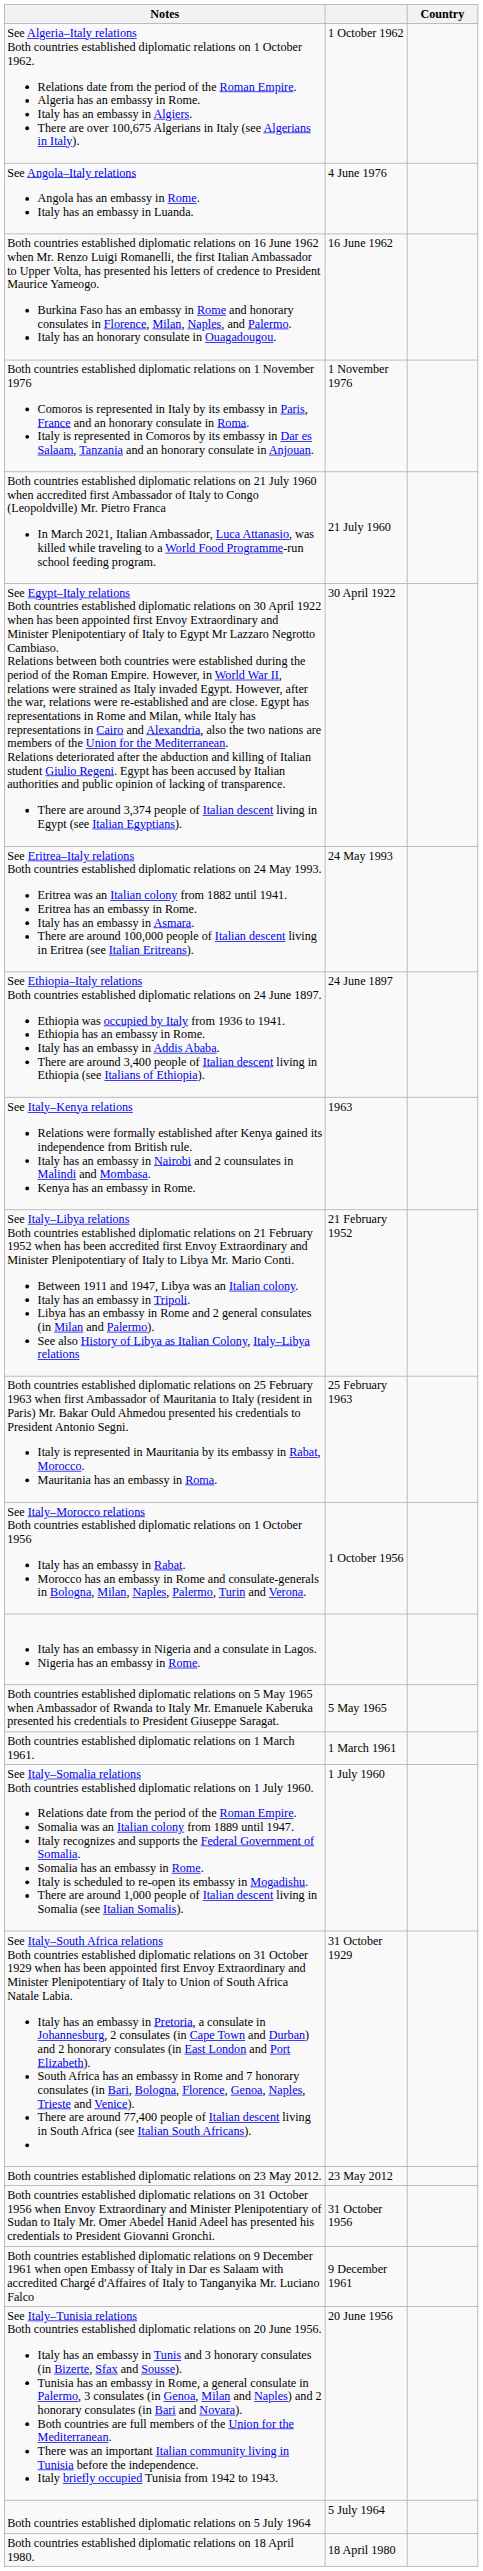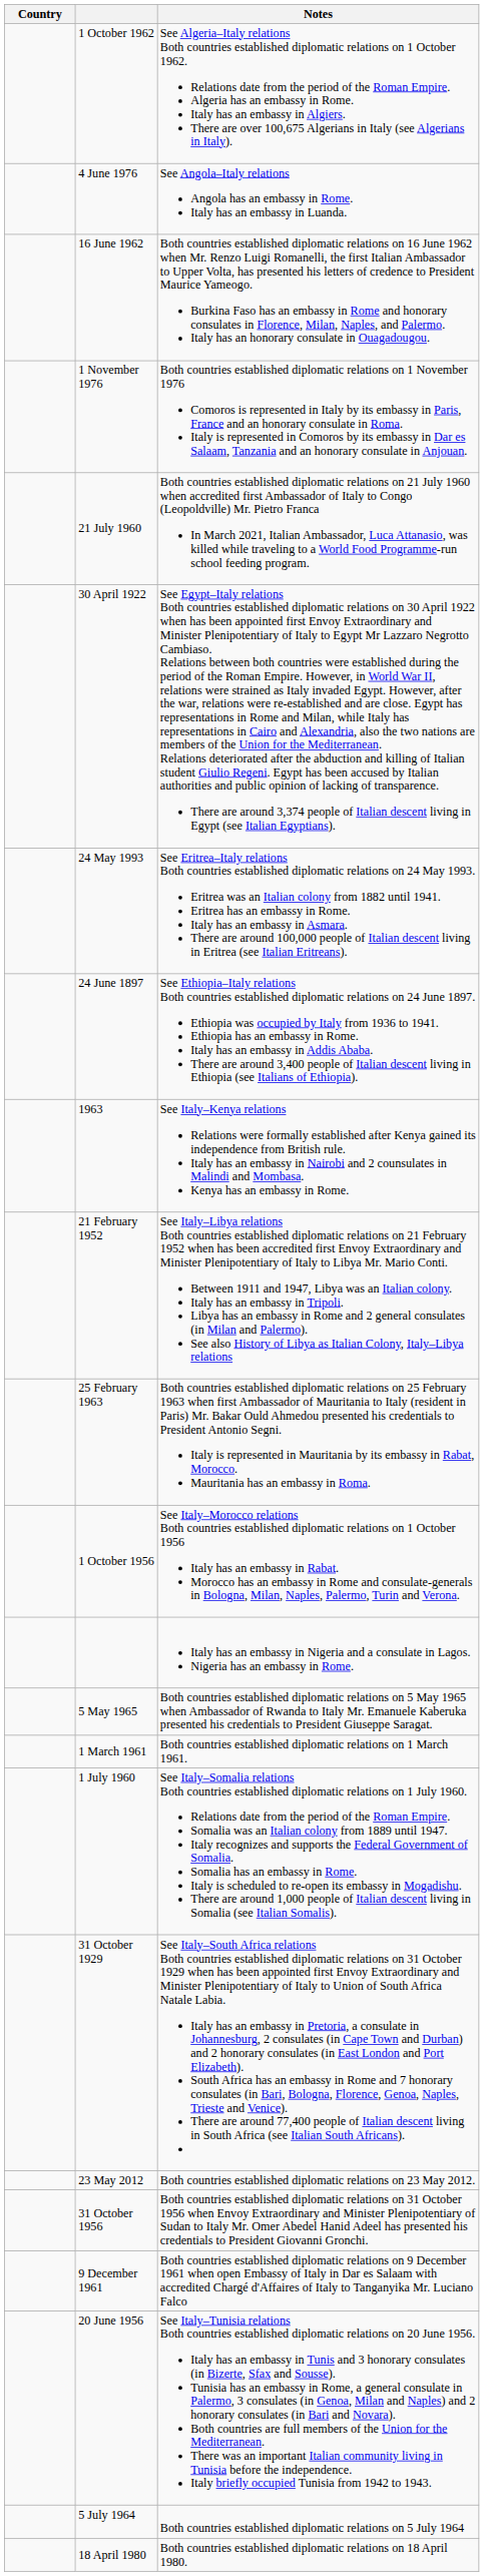 <table class="wikitable sortable" style="width:100%; margin:auto;">
 <tr>
+<th style="width:15%;">Country</th>
+<th style="width:100px;"></th>
 <th>Notes</th>
-<th style="width:100px;"></th>
-<th style="width:15%;">Country</th>
 </tr>
 <tr valign="top">
+<td></td>
+<td>1 October 1962</td>
 <td>See <a href='#'>Algeria–Italy relations</a><br>Both countries established diplomatic relations on 1 October 1962.<ul><li>Relations date from the period of the <a href='#'>Roman Empire</a>.</li><li>Algeria has an embassy in Rome.</li><li>Italy has an embassy in <a href='#'>Algiers</a>.</li><li>There are over 100,675 Algerians in Italy (see <a href='#'>Algerians in Italy</a>).</li></ul></td>
-<td>1 October 1962</td>
-<td></td>
 </tr>
 <tr valign="top">
+<td></td>
+<td>4 June 1976</td>
 <td>See <a href='#'>Angola–Italy relations</a><br><ul><li>Angola has an embassy in <a href='#'>Rome</a>.</li><li>Italy has an embassy in Luanda.</li></ul></td>
-<td>4 June 1976</td>
-<td></td>
 </tr>
 <tr valign="top">
+<td></td>
+<td>16 June 1962</td>
 <td>Both countries established diplomatic relations on 16 June 1962 when Mr. Renzo Luigi Romanelli, the first Italian Ambassador to Upper Volta, has presented his letters of credence to President Maurice Yameogo.<br><ul><li>Burkina Faso has an embassy in <a href='#'>Rome</a> and honorary consulates in <a href='#'>Florence</a>, <a href='#'>Milan</a>, <a href='#'>Naples</a>, and <a href='#'>Palermo</a>.</li><li>Italy has an honorary consulate in <a href='#'>Ouagadougou</a>.</li></ul></td>
-<td>16 June 1962</td>
-<td></td>
 </tr>
 <tr valign="top">
+<td></td>
+<td>1 November 1976</td>
 <td>Both countries established diplomatic relations on 1 November 1976<br><ul><li>Comoros  is represented in Italy by its embassy in <a href='#'>Paris</a>, <a href='#'>France</a> and an honorary consulate in <a href='#'>Roma</a>.</li><li>Italy is represented in Comoros by its embassy in <a href='#'>Dar es Salaam</a>, <a href='#'>Tanzania</a> and an honorary consulate in <a href='#'>Anjouan</a>.</li></ul></td>
-<td>1 November 1976</td>
-<td></td>
 </tr>
 <tr>
+<td></td>
+<td>21 July 1960</td>
 <td>Both countries established diplomatic relations on 21 July 1960 when accredited first Ambassador of Italy to Congo (Leopoldville) Mr. Pietro Franca<br><ul><li>In March 2021, Italian Ambassador, <a href='#'>Luca Attanasio</a>, was killed while traveling to a <a href='#'>World Food Programme</a>-run school feeding program.</li></ul></td>
-<td>21 July 1960</td>
-<td></td>
 </tr>
 <tr valign="top">
+<td></td>
+<td>30 April 1922</td>
 <td>See <a href='#'>Egypt–Italy relations</a><br>Both countries established diplomatic relations on 30 April 1922 when has been appointed first Envoy Extraordinary and Minister Plenipotentiary of Italy to Egypt Mr Lazzaro Negrotto Cambiaso.<br>Relations between both countries were established during the period of the Roman Empire. However, in <a href='#'>World War II</a>, relations were strained as Italy invaded Egypt. However, after the war, relations were re-established and are close. Egypt has representations in Rome and Milan, while Italy has representations in <a href='#'>Cairo</a> and <a href='#'>Alexandria</a>, also the two nations are members of the <a href='#'>Union for the Mediterranean</a>.<br>Relations deteriorated after the abduction and killing of Italian student <a href='#'>Giulio Regeni</a>. Egypt has been accused by Italian authorities and public opinion of lacking of transparence.<ul><li>There are around 3,374 people of <a href='#'>Italian descent</a> living in Egypt (see <a href='#'>Italian Egyptians</a>).</li></ul></td>
-<td>30 April 1922</td>
-<td></td>
 </tr>
 <tr valign="top">
+<td></td>
+<td>24 May 1993</td>
 <td>See <a href='#'>Eritrea–Italy relations</a><br>Both countries established diplomatic relations on 24 May 1993.<ul><li>Eritrea was an <a href='#'>Italian colony</a> from 1882 until 1941.</li><li>Eritrea has an embassy in Rome.</li><li>Italy has an embassy in <a href='#'>Asmara</a>.</li><li>There are around 100,000 people of <a href='#'>Italian descent</a> living in Eritrea (see <a href='#'>Italian Eritreans</a>).</li></ul></td>
-<td>24 May 1993</td>
-<td></td>
 </tr>
 <tr valign="top">
+<td></td>
+<td>24 June 1897</td>
 <td>See <a href='#'>Ethiopia–Italy relations</a><br>Both countries established diplomatic relations on 24 June 1897.<ul><li>Ethiopia was <a href='#'>occupied by Italy</a> from 1936 to 1941.</li><li>Ethiopia has an embassy in Rome.</li><li>Italy has an embassy in <a href='#'>Addis Ababa</a>.</li><li>There are around 3,400 people of <a href='#'>Italian descent</a> living in Ethiopia (see <a href='#'>Italians of Ethiopia</a>).</li></ul></td>
-<td>24 June 1897</td>
-<td></td>
 </tr>
 <tr valign="top">
+<td></td>
+<td>1963</td>
 <td>See <a href='#'>Italy–Kenya relations</a><br><ul><li>Relations were formally established after Kenya gained its independence from British rule.</li><li>Italy has an embassy in <a href='#'>Nairobi</a> and 2 counsulates in <a href='#'>Malindi</a> and <a href='#'>Mombasa</a>.</li><li>Kenya has an embassy in Rome.</li></ul></td>
-<td>1963</td>
-<td></td>
 </tr>
 <tr valign="top">
+<td></td>
+<td>21 February 1952</td>
 <td>See <a href='#'>Italy–Libya relations</a><br>Both countries established diplomatic relations on 21 February 1952 when has been accredited first Envoy Extraordinary and Minister Plenipotentiary of Italy to Libya Mr. Mario Conti.<ul><li>Between 1911 and 1947, Libya was an <a href='#'>Italian colony</a>.</li><li>Italy has an embassy in <a href='#'>Tripoli</a>.</li><li>Libya has an embassy in Rome and 2 general consulates (in <a href='#'>Milan</a> and <a href='#'>Palermo</a>).</li><li>See also <a href='#'>History of Libya as Italian Colony</a>, <a href='#'>Italy–Libya relations</a></li></ul></td>
-<td>21 February 1952</td>
-<td></td>
 </tr>
 <tr valign="top">
+<td></td>
+<td>25 February 1963</td>
 <td>Both countries established diplomatic relations on 25 February 1963 when first Ambassador of Mauritania to Italy (resident in Paris) Mr. Bakar Ould Ahmedou presented his credentials to President Antonio Segni.<br><ul><li>Italy is represented in Mauritania by its embassy in <a href='#'>Rabat</a>, <a href='#'>Morocco</a>.</li><li>Mauritania has an embassy in <a href='#'>Roma</a>.</li></ul></td>
-<td>25 February 1963</td>
-<td></td>
 </tr>
 <tr>
+<td></td>
+<td>1 October 1956</td>
 <td>See <a href='#'>Italy–Morocco relations</a><br>Both countries established diplomatic relations on 1 October 1956<ul><li>Italy has an embassy in <a href='#'>Rabat</a>.</li><li>Morocco has an embassy in Rome and consulate-generals in <a href='#'>Bologna</a>, <a href='#'>Milan</a>, <a href='#'>Naples</a>, <a href='#'>Palermo</a>, <a href='#'>Turin</a> and <a href='#'>Verona</a>.</li></ul></td>
-<td>1 October 1956</td>
-<td></td>
 </tr>
 <tr valign="top">
-<td><br><ul><li>Italy has an embassy in Nigeria and a consulate in Lagos.</li><li>Nigeria has an embassy in <a href='#'>Rome</a>.</li></ul></td>
 <td></td>
 <td></td>
+<td><br><ul><li>Italy has an embassy in Nigeria and a consulate in Lagos.</li><li>Nigeria has an embassy in <a href='#'>Rome</a>.</li></ul></td>
 </tr>
 <tr>
+<td></td>
+<td>5 May 1965</td>
 <td>Both countries established diplomatic relations on 5 May 1965 when Ambassador of Rwanda to Italy Mr. Emanuele Kaberuka presented his credentials to President Giuseppe Saragat.</td>
-<td>5 May 1965</td>
-<td></td>
 </tr>
 <tr>
+<td></td>
+<td>1 March 1961</td>
 <td>Both countries established diplomatic relations on 1 March 1961.</td>
-<td>1 March 1961</td>
-<td></td>
 </tr>
 <tr valign="top">
+<td></td>
+<td>1 July 1960</td>
 <td>See <a href='#'>Italy–Somalia relations</a><br>Both countries established diplomatic relations on 1 July 1960.<ul><li>Relations date from the period of the <a href='#'>Roman Empire</a>.</li><li>Somalia was an <a href='#'>Italian colony</a> from 1889 until 1947.</li><li>Italy recognizes and supports the <a href='#'>Federal Government of Somalia</a>.</li><li>Somalia has an embassy in <a href='#'>Rome</a>.</li><li>Italy is scheduled to re-open its embassy in <a href='#'>Mogadishu</a>.</li><li>There are around 1,000 people of <a href='#'>Italian descent</a> living in Somalia (see <a href='#'>Italian Somalis</a>).</li></ul></td>
-<td>1 July 1960</td>
-<td></td>
 </tr>
 <tr valign="top">
+<td></td>
+<td>31 October 1929</td>
 <td>See <a href='#'>Italy–South Africa relations</a><br>Both countries established diplomatic relations on 31 October 1929 when has been appointed first Envoy Extraordinary and Minister Plenipotentiary of Italy to Union of South Africa Natale Labia.<ul><li>Italy has an embassy in <a href='#'>Pretoria</a>, a consulate in <a href='#'>Johannesburg</a>, 2 consulates (in <a href='#'>Cape Town</a> and <a href='#'>Durban</a>) and 2 honorary consulates (in <a href='#'>East London</a> and <a href='#'>Port Elizabeth</a>).</li><li>South Africa has an embassy in Rome and 7 honorary consulates (in <a href='#'>Bari</a>, <a href='#'>Bologna</a>, <a href='#'>Florence</a>, <a href='#'>Genoa</a>, <a href='#'>Naples</a>, <a href='#'>Trieste</a> and <a href='#'>Venice</a>).</li><li>There are around 77,400 people of <a href='#'>Italian descent</a> living in South Africa (see <a href='#'>Italian South Africans</a>).</li><li></li></ul></td>
-<td>31 October 1929</td>
-<td></td>
 </tr>
 <tr>
+<td></td>
+<td>23 May 2012</td>
 <td>Both countries established diplomatic relations on 23 May 2012.</td>
-<td>23 May 2012</td>
-<td></td>
 </tr>
 <tr>
+<td></td>
+<td>31 October 1956</td>
 <td>Both countries established diplomatic relations on 31 October 1956 when Envoy Extraordinary and Minister Plenipotentiary of Sudan to Italy Mr. Omer Abedel Hanid Adeel has presented his credentials to President Giovanni Gronchi.</td>
-<td>31 October 1956</td>
-<td></td>
 </tr>
 <tr>
+<td></td>
+<td>9 December 1961</td>
 <td>Both countries established diplomatic relations on 9 December 1961 when open Embassy of Italy in Dar es Salaam with accredited Chargé d'Affaires of Italy to Tanganyika Mr. Luciano Falco</td>
-<td>9 December 1961</td>
-<td></td>
 </tr>
 <tr valign="top">
+<td></td>
+<td>20 June 1956</td>
 <td>See <a href='#'>Italy–Tunisia relations</a><br>Both countries established diplomatic relations on 20 June 1956.<ul><li>Italy has an embassy in <a href='#'>Tunis</a> and 3 honorary consulates (in <a href='#'>Bizerte</a>, <a href='#'>Sfax</a> and <a href='#'>Sousse</a>).</li><li>Tunisia has an embassy in Rome, a general consulate in <a href='#'>Palermo</a>, 3 consulates (in <a href='#'>Genoa</a>, <a href='#'>Milan</a> and <a href='#'>Naples</a>) and 2 honorary consulates (in <a href='#'>Bari</a> and <a href='#'>Novara</a>).</li><li>Both countries are full members of the <a href='#'>Union for the Mediterranean</a>.</li><li>There was an important <a href='#'>Italian community living in Tunisia</a> before the independence.</li><li>Italy <a href='#'>briefly occupied</a> Tunisia from 1942 to 1943.</li></ul></td>
-<td>20 June 1956</td>
-<td></td>
 </tr>
 <tr valign="top">
+<td></td>
+<td>5 July 1964</td>
 <td><br>Both countries established diplomatic relations on 5 July 1964</td>
-<td>5 July 1964</td>
-<td></td>
 </tr>
 <tr>
+<td></td>
+<td>18 April 1980</td>
 <td>Both countries established diplomatic relations on 18 April 1980.</td>
-<td>18 April 1980</td>
-<td></td>
 </tr>
 </table>
